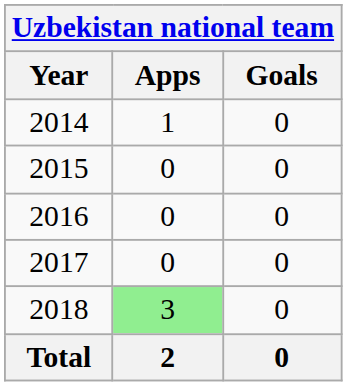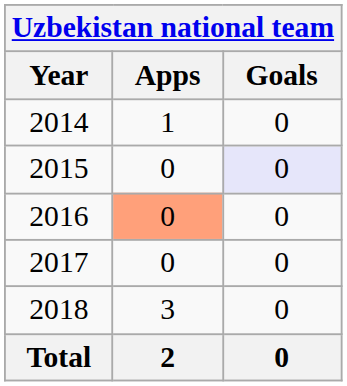 <table class="wikitable" style="text-align:center">
 <tr>
 <th colspan=3><a href='#'>Uzbekistan national team</a></th>
 </tr>
 <tr>
 <th>Year</th>
 <th>Apps</th>
 <th>Goals</th>
 </tr>
 <tr>
 <td>2014</td>
 <td>1</td>
 <td>0</td>
 </tr>
 <tr>
 <td>2015</td>
 <td>0</td>
-<td>0</td>
+<td style="background: lavender;">0</td>
 </tr>
 <tr>
 <td>2016</td>
-<td>0</td>
+<td style="background: lightsalmon;">0</td>
 <td>0</td>
 </tr>
 <tr>
 <td>2017</td>
 <td>0</td>
 <td>0</td>
 </tr>
 <tr>
 <td>2018</td>
-<td style="background: lightgreen;">3</td>
+<td>3</td>
 <td>0</td>
 </tr>
 <tr>
 <th>Total</th>
 <th>2</th>
 <th>0</th>
 </tr>
 </table>
